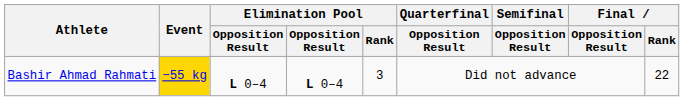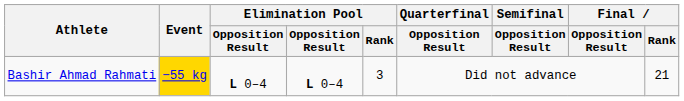 <table class="wikitable" style="font-size:90%">
 <tr>
 <th rowspan="2">Athlete</th>
 <th rowspan="2">Event</th>
 <th colspan=3>Elimination Pool</th>
 <th scope="col">Quarterfinal</th>
 <th scope="col">Semifinal</th>
 <th colspan=2>Final / </th>
 </tr>
 <tr style="font-size: 95%">
 <th scope="col">Opposition<br>Result</th>
 <th scope="col">Opposition<br>Result</th>
 <th scope="col">Rank</th>
 <th scope="col">Opposition<br>Result</th>
 <th scope="col">Opposition<br>Result</th>
 <th scope="col">Opposition<br>Result</th>
 <th scope="col">Rank</th>
 </tr>
 <tr align=center>
 <td align=left><a href='#'>Bashir Ahmad Rahmati</a></td>
 <td align=left style="background: gold;"><a href='#'>−55 kg</a></td>
 <td><br><strong>L</strong> 0–4 <sup></sup></td>
 <td><br><strong>L</strong> 0–4 <sup></sup></td>
 <td>3</td>
 <td colspan=3>Did not advance</td>
-<td>22</td>
+<td>21</td>
 </tr>
 </table>
